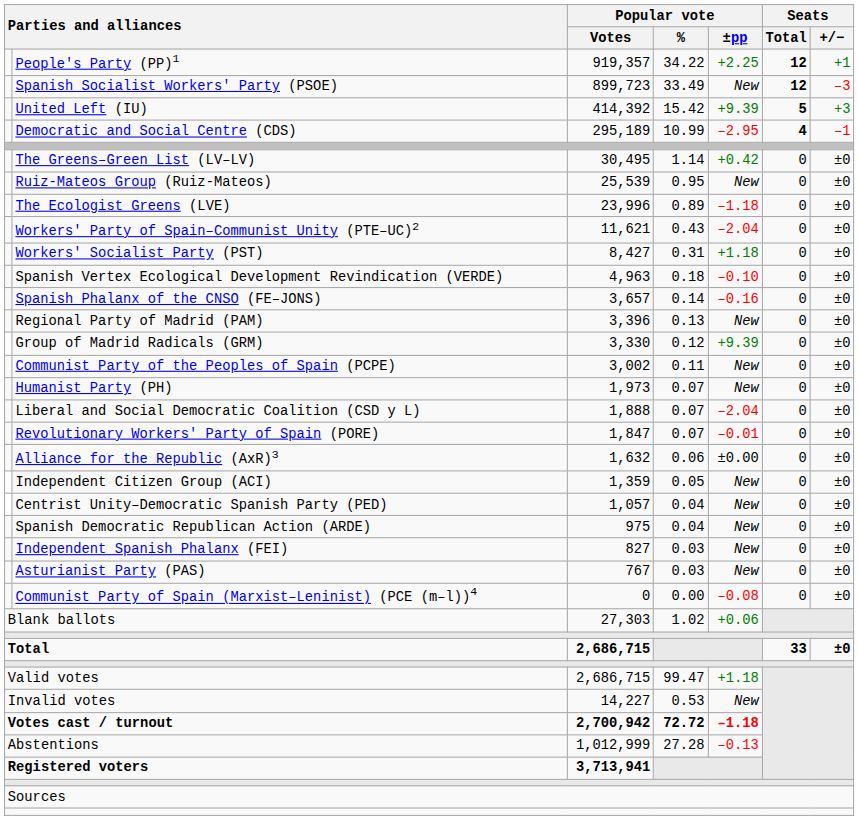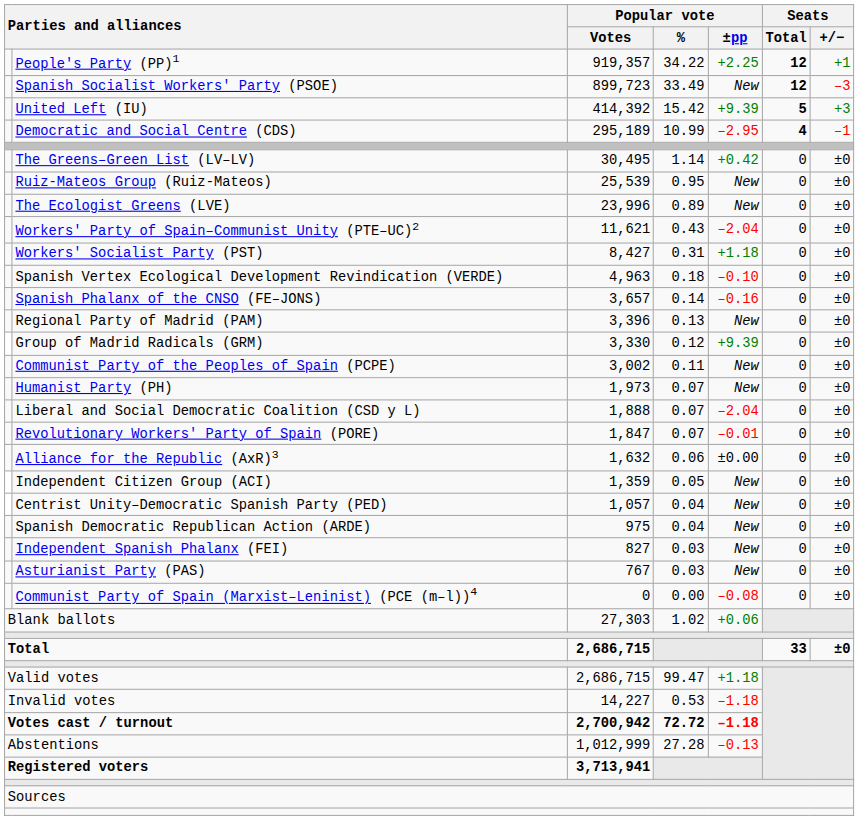 <table class="wikitable" style="text-align:right;">
 <tr>
 <th style="text-align:left;" rowspan="2" colspan="2" width="525">Parties and alliances</th>
 <th colspan="3">Popular vote</th>
 <th colspan="2">Seats</th>
 </tr>
 <tr>
 <th width="75">Votes</th>
 <th width="45">%</th>
 <th width="45">±<a href='#'>pp</a></th>
 <th width="35">Total</th>
 <th width="35">+/−</th>
 </tr>
 <tr>
 <td width="1" style="color:inherit;background:"></td>
 <td align="left"><a href='#'>People's Party</a> (PP)<sup>1</sup></td>
 <td>919,357</td>
 <td>34.22</td>
 <td style="color:green;">+2.25</td>
 <td><strong>12</strong></td>
 <td style="color:green;">+1</td>
 </tr>
 <tr>
 <td style="color:inherit;background:"></td>
 <td align="left"><a href='#'>Spanish Socialist Workers' Party</a> (PSOE)</td>
 <td>899,723</td>
 <td>33.49</td>
 <td><em>New</em></td>
 <td><strong>12</strong></td>
 <td style="color:red;">–3</td>
 </tr>
 <tr>
 <td style="color:inherit;background:"></td>
 <td align="left"><a href='#'>United Left</a> (IU)</td>
 <td>414,392</td>
 <td>15.42</td>
 <td style="color:green;">+9.39</td>
 <td><strong>5</strong></td>
 <td style="color:green;">+3</td>
 </tr>
 <tr>
 <td style="color:inherit;background:"></td>
 <td align="left"><a href='#'>Democratic and Social Centre</a> (CDS)</td>
 <td>295,189</td>
 <td>10.99</td>
 <td style="color:red;">–2.95</td>
 <td><strong>4</strong></td>
 <td style="color:red;">–1</td>
 </tr>
 <tr>
 <td colspan="7" bgcolor="#C0C0C0"></td>
 </tr>
 <tr>
 <td style="color:inherit;background:"></td>
 <td align="left"><a href='#'>The Greens–Green List</a> (LV–LV)</td>
 <td>30,495</td>
 <td>1.14</td>
 <td style="color:green;">+0.42</td>
 <td>0</td>
 <td>±0</td>
 </tr>
 <tr>
 <td style="color:inherit;background:"></td>
 <td align="left"><a href='#'>Ruiz-Mateos Group</a> (Ruiz-Mateos)</td>
 <td>25,539</td>
 <td>0.95</td>
 <td><em>New</em></td>
 <td>0</td>
 <td>±0</td>
 </tr>
 <tr>
 <td style="color:inherit;background:"></td>
 <td align="left"><a href='#'>The Ecologist Greens</a> (LVE)</td>
 <td>23,996</td>
 <td>0.89</td>
-<td style="color:red;">–1.18</td>
+<td><em>New</em></td>
 <td>0</td>
 <td>±0</td>
 </tr>
 <tr>
 <td style="color:inherit;background:"></td>
 <td align="left"><a href='#'>Workers' Party of Spain–Communist Unity</a> (PTE–UC)<sup>2</sup></td>
 <td>11,621</td>
 <td>0.43</td>
 <td style="color:red;">–2.04</td>
 <td>0</td>
 <td>±0</td>
 </tr>
 <tr>
 <td style="color:inherit;background:"></td>
 <td align="left"><a href='#'>Workers' Socialist Party</a> (PST)</td>
 <td>8,427</td>
 <td>0.31</td>
 <td style="color:green;">+1.18</td>
 <td>0</td>
 <td>±0</td>
 </tr>
 <tr>
 <td style="color:inherit;background:"></td>
 <td align="left">Spanish Vertex Ecological Development Revindication (VERDE)</td>
 <td>4,963</td>
 <td>0.18</td>
 <td style="color:red;">–0.10</td>
 <td>0</td>
 <td>±0</td>
 </tr>
 <tr>
 <td style="color:inherit;background:"></td>
 <td align="left"><a href='#'>Spanish Phalanx of the CNSO</a> (FE–JONS)</td>
 <td>3,657</td>
 <td>0.14</td>
 <td style="color:red;">–0.16</td>
 <td>0</td>
 <td>±0</td>
 </tr>
 <tr>
 <td style="color:inherit;background:"></td>
 <td align="left">Regional Party of Madrid (PAM)</td>
 <td>3,396</td>
 <td>0.13</td>
 <td><em>New</em></td>
 <td>0</td>
 <td>±0</td>
 </tr>
 <tr>
 <td bgcolor="white"></td>
 <td align="left">Group of Madrid Radicals (GRM)</td>
 <td>3,330</td>
 <td>0.12</td>
 <td style="color:green;">+9.39</td>
 <td>0</td>
 <td>±0</td>
 </tr>
 <tr>
 <td style="color:inherit;background:"></td>
 <td align="left"><a href='#'>Communist Party of the Peoples of Spain</a> (PCPE)</td>
 <td>3,002</td>
 <td>0.11</td>
 <td><em>New</em></td>
 <td>0</td>
 <td>±0</td>
 </tr>
 <tr>
 <td style="color:inherit;background:"></td>
 <td align="left"><a href='#'>Humanist Party</a> (PH)</td>
 <td>1,973</td>
 <td>0.07</td>
 <td><em>New</em></td>
 <td>0</td>
 <td>±0</td>
 </tr>
 <tr>
 <td style="color:inherit;background:"></td>
 <td align="left">Liberal and Social Democratic Coalition (CSD y L)</td>
 <td>1,888</td>
 <td>0.07</td>
 <td style="color:red;">–2.04</td>
 <td>0</td>
 <td>±0</td>
 </tr>
 <tr>
 <td style="color:inherit;background:"></td>
 <td align="left"><a href='#'>Revolutionary Workers' Party of Spain</a> (PORE)</td>
 <td>1,847</td>
 <td>0.07</td>
 <td style="color:red;">–0.01</td>
 <td>0</td>
 <td>±0</td>
 </tr>
 <tr>
 <td style="color:inherit;background:"></td>
 <td align="left"><a href='#'>Alliance for the Republic</a> (AxR)<sup>3</sup></td>
 <td>1,632</td>
 <td>0.06</td>
 <td>±0.00</td>
 <td>0</td>
 <td>±0</td>
 </tr>
 <tr>
 <td bgcolor="white"></td>
 <td align="left">Independent Citizen Group (ACI)</td>
 <td>1,359</td>
 <td>0.05</td>
 <td><em>New</em></td>
 <td>0</td>
 <td>±0</td>
 </tr>
 <tr>
 <td bgcolor="white"></td>
 <td align="left">Centrist Unity–Democratic Spanish Party (PED)</td>
 <td>1,057</td>
 <td>0.04</td>
 <td><em>New</em></td>
 <td>0</td>
 <td>±0</td>
 </tr>
 <tr>
 <td style="color:inherit;background:"></td>
 <td align="left">Spanish Democratic Republican Action (ARDE)</td>
 <td>975</td>
 <td>0.04</td>
 <td><em>New</em></td>
 <td>0</td>
 <td>±0</td>
 </tr>
 <tr>
 <td style="color:inherit;background:"></td>
 <td align="left"><a href='#'>Independent Spanish Phalanx</a> (FEI)</td>
 <td>827</td>
 <td>0.03</td>
 <td><em>New</em></td>
 <td>0</td>
 <td>±0</td>
 </tr>
 <tr>
 <td style="color:inherit;background:"></td>
 <td align="left"><a href='#'>Asturianist Party</a> (PAS)</td>
 <td>767</td>
 <td>0.03</td>
 <td><em>New</em></td>
 <td>0</td>
 <td>±0</td>
 </tr>
 <tr>
 <td style="color:inherit;background:"></td>
 <td align="left"><a href='#'>Communist Party of Spain (Marxist–Leninist)</a> (PCE (m–l))<sup>4</sup></td>
 <td>0</td>
 <td>0.00</td>
 <td style="color:red;">–0.08</td>
 <td>0</td>
 <td>±0</td>
 </tr>
 <tr>
 <td align="left" colspan="2">Blank ballots</td>
 <td>27,303</td>
 <td>1.02</td>
 <td style="color:green;">+0.06</td>
 <td bgcolor="#E9E9E9" colspan="2"></td>
 </tr>
 <tr>
 <td colspan="7" bgcolor="#E9E9E9"></td>
 </tr>
 <tr style="font-weight:bold;">
 <td align="left" colspan="2">Total</td>
 <td>2,686,715</td>
 <td bgcolor="#E9E9E9" colspan="2"></td>
 <td>33</td>
 <td>±0</td>
 </tr>
 <tr>
 <td colspan="7" bgcolor="#E9E9E9"></td>
 </tr>
 <tr>
 <td align="left" colspan="2">Valid votes</td>
 <td>2,686,715</td>
 <td>99.47</td>
 <td style="color:green;">+1.18</td>
 <td bgcolor="#E9E9E9" colspan="2" rowspan="5"></td>
 </tr>
 <tr>
 <td align="left" colspan="2">Invalid votes</td>
 <td>14,227</td>
 <td>0.53</td>
-<td><em>New</em></td>
+<td style="color:red;">–1.18</td>
 </tr>
 <tr style="font-weight:bold;">
 <td align="left" colspan="2">Votes cast / turnout</td>
 <td>2,700,942</td>
 <td>72.72</td>
 <td style="color:red;">–1.18</td>
 </tr>
 <tr>
 <td align="left" colspan="2">Abstentions</td>
 <td>1,012,999</td>
 <td>27.28</td>
 <td style="color:red;">–0.13</td>
 </tr>
 <tr style="font-weight:bold;">
 <td align="left" colspan="2">Registered voters</td>
 <td>3,713,941</td>
 <td bgcolor="#E9E9E9" colspan="2"></td>
 </tr>
 <tr>
 <td colspan="7" bgcolor="#E9E9E9"></td>
 </tr>
 <tr>
 <td align="left" colspan="7">Sources</td>
 </tr>
 <tr>
 <td colspan="7" style="text-align:left; max-width:790px;"></td>
 </tr>
 </table>
